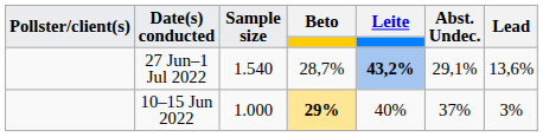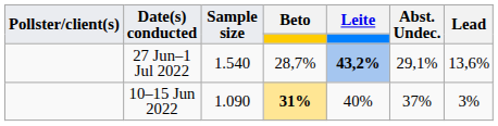 <table class="wikitable sortable" style="text-align:center;font-size:90%;line-height:14px;">
 <tr>
 <td rowspan="2" class="unsortable" style="width:50px;background:#eaecf0;"><strong>Pollster/client(s)</strong></td>
 <td rowspan="2" class="unsortable" style="width:50px;background:#eaecf0;"><strong>Date(s)<br>conducted</strong></td>
 <td rowspan="2" class="unsortable" style="width:50px;background:#eaecf0;"><strong>Sample<br> size</strong></td>
 <th class="unsortable" style="width:50px;"><strong>Beto</strong><br></th>
 <th class="unsortable" style="width:50px;"><a href='#'>Leite</a><br></th>
 <th rowspan="2" class="unsortable">Abst.<br>Undec.</th>
 <th rowspan="2" class="unsortable">Lead</th>
 </tr>
 <tr>
 <th data-sort-type="number" class="sortable" style="background:#ffcc00;"></th>
 <th data-sort-type="number" class="sortable" style="background:#0080FF;"></th>
 </tr>
 <tr>
 <td></td>
 <td>27 Jun–1 Jul 2022</td>
 <td>1.540</td>
 <td>28,7%</td>
 <td style="background:#a5c6f0;"><strong>43,2%</strong></td>
 <td>29,1%</td>
 <td style="background:">13,6%</td>
 </tr>
 <tr>
 <td></td>
 <td>10–15 Jun 2022</td>
-<td>1.000</td>
-<td style="background:#ffe694;"><strong>29%</strong></td>
+<td>1.090</td>
+<td style="background:#ffe694;"><strong>31%</strong></td>
 <td>40%</td>
 <td>37%</td>
 <td style="background:">3%</td>
 </tr>
 </table>
